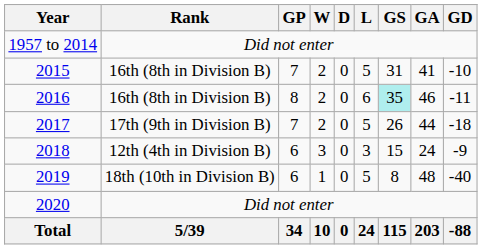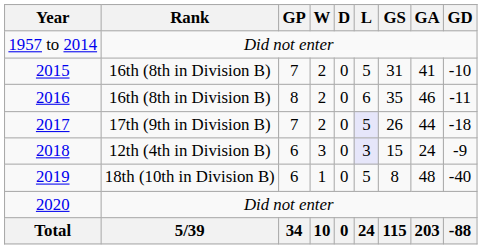 <table class="wikitable" style="text-align: center;">
 <tr>
 <th>Year</th>
 <th>Rank</th>
 <th>GP</th>
 <th>W</th>
 <th>D</th>
 <th>L</th>
 <th>GS</th>
 <th>GA</th>
 <th>GD</th>
 </tr>
 <tr>
 <td> <a href='#'>1957</a> to  <a href='#'>2014</a></td>
 <td rowspan=1 colspan=9><em>Did not enter</em></td>
 </tr>
 <tr>
 <td> <a href='#'>2015</a></td>
 <td>16th (8th in Division B)</td>
 <td>7</td>
 <td>2</td>
 <td>0</td>
 <td>5</td>
 <td>31</td>
 <td>41</td>
 <td>-10</td>
 </tr>
 <tr>
 <td> <a href='#'>2016</a></td>
 <td>16th (8th in Division B)</td>
 <td>8</td>
 <td>2</td>
 <td>0</td>
 <td>6</td>
-<td style="background: paleturquoise;">35</td>
+<td>35</td>
 <td>46</td>
 <td>-11</td>
 </tr>
 <tr>
 <td> <a href='#'>2017</a></td>
 <td>17th (9th in Division B)</td>
 <td>7</td>
 <td>2</td>
 <td>0</td>
-<td>5</td>
+<td style="background: lavender;">5</td>
 <td>26</td>
 <td>44</td>
 <td>-18</td>
 </tr>
 <tr>
 <td> <a href='#'>2018</a></td>
 <td>12th (4th in Division B)</td>
 <td>6</td>
 <td>3</td>
 <td>0</td>
-<td>3</td>
+<td style="background: lavender;">3</td>
 <td>15</td>
 <td>24</td>
 <td>-9</td>
 </tr>
 <tr>
 <td> <a href='#'>2019</a></td>
 <td>18th (10th in Division B)</td>
 <td>6</td>
 <td>1</td>
 <td>0</td>
 <td>5</td>
 <td>8</td>
 <td>48</td>
 <td>-40</td>
 </tr>
 <tr>
 <td> <a href='#'>2020</a></td>
 <td rowspan=1 colspan=9><em>Did not enter</em></td>
 </tr>
 <tr>
 <th>Total</th>
 <th>5/39</th>
 <th>34</th>
 <th>10</th>
 <th>0</th>
 <th>24</th>
 <th>115</th>
 <th>203</th>
 <th>-88</th>
 </tr>
 </table>
